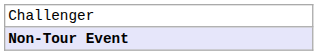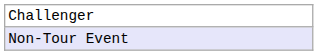 <table class="wikitable" style="font-size:85%;" width=15%>
 <tr bgcolor="#ffffff">
 <td>Challenger</td>
 </tr>
 <tr bgcolor="E6E6FA">
-<td><strong>Non-Tour Event</strong></td>
+<td>Non-Tour Event</td>
 </tr>
 </table>
